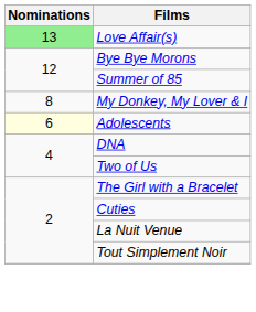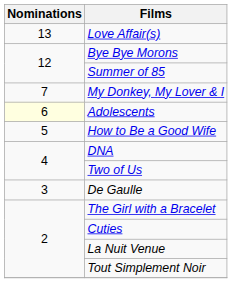 <table class="wikitable">
 <tr>
 <th>Nominations</th>
 <th>Films</th>
 </tr>
 <tr>
-<td style="background: lightgreen; text-align:center">13</td>
+<td style="text-align:center">13</td>
 <td><em><a href='#'>Love Affair(s)</a></em></td>
 </tr>
 <tr>
 <td rowspan="2" style="text-align:center">12</td>
 <td><em><a href='#'>Bye Bye Morons</a></em></td>
 </tr>
 <tr>
 <td><em><a href='#'>Summer of 85</a></em></td>
 </tr>
 <tr>
-<td style="text-align:center">8</td>
+<td style="text-align:center">7</td>
 <td><em><a href='#'>My Donkey, My Lover & I</a></em></td>
 </tr>
 <tr>
 <td style="background: lightyellow; text-align:center">6</td>
 <td><em><a href='#'>Adolescents</a></em></td>
 </tr>
 <tr>
+<td style="text-align:center">5</td>
+<td><em><a href='#'>How to Be a Good Wife</a></em></td>
+</tr>
+<tr>
 <td rowspan="2" style="text-align:center">4</td>
 <td><em><a href='#'>DNA</a></em></td>
 </tr>
 <tr>
 <td><em><a href='#'>Two of Us</a></em></td>
+</tr>
+<tr>
+<td style="text-align:center">3</td>
+<td><em>De Gaulle</em></td>
 </tr>
 <tr>
 <td rowspan="4" style="text-align:center">2</td>
 <td><em><a href='#'>The Girl with a Bracelet</a></em></td>
 </tr>
 <tr>
 <td><em><a href='#'>Cuties</a></em></td>
 </tr>
 <tr>
 <td><em>La Nuit Venue</em></td>
 </tr>
 <tr>
 <td><em>Tout Simplement Noir</em></td>
 </tr>
 <tr>
 </tr>
 </table>
